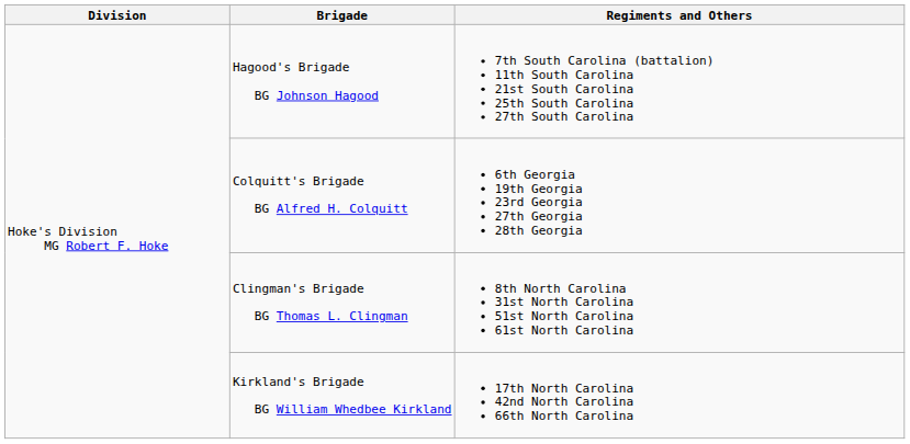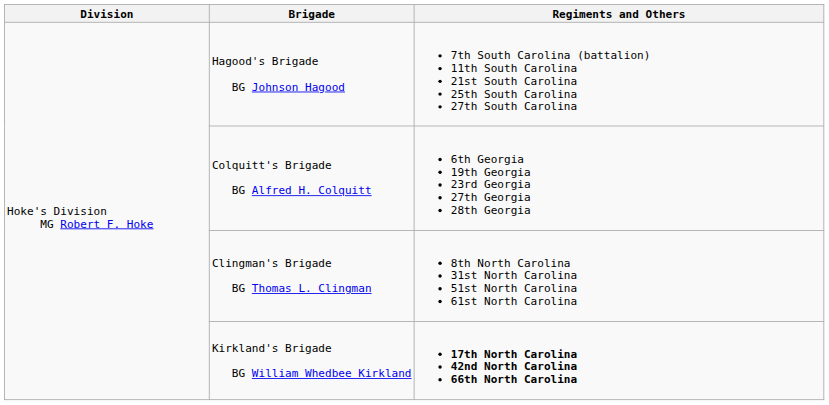 <table class="wikitable">
 <tr>
 <th style="width:25%;">Division</th>
 <th style="width:25%;">Brigade</th>
 <th>Regiments and Others</th>
 </tr>
 <tr>
 <td rowspan=4><br>Hoke's Division <br>     MG <a href='#'>Robert F. Hoke</a></td>
 <td>Hagood's Brigade<br><br>   BG <a href='#'>Johnson Hagood</a></td>
 <td><br><ul><li>7th South Carolina (battalion)</li><li>11th South Carolina</li><li>21st South Carolina</li><li>25th South Carolina</li><li>27th South Carolina</li></ul></td>
 </tr>
 <tr>
 <td>Colquitt's Brigade<br><br>   BG <a href='#'>Alfred H. Colquitt</a></td>
 <td><br><ul><li>6th Georgia</li><li>19th Georgia</li><li>23rd Georgia</li><li>27th Georgia</li><li>28th Georgia</li></ul></td>
 </tr>
 <tr>
 <td>Clingman's Brigade<br><br>   BG <a href='#'>Thomas L. Clingman</a></td>
 <td><br><ul><li>8th North Carolina</li><li>31st North Carolina</li><li>51st North Carolina</li><li>61st North Carolina</li></ul></td>
 </tr>
 <tr>
 <td>Kirkland's Brigade<br><br>   BG <a href='#'>William Whedbee Kirkland</a></td>
-<td><br><ul><li>17th North Carolina</li><li>42nd North Carolina</li><li>66th North Carolina</li></ul></td>
+<td><strong><br><ul><li>17th North Carolina</li><li>42nd North Carolina</li><li>66th North Carolina</li></ul></strong></td>
 </tr>
 </table>
